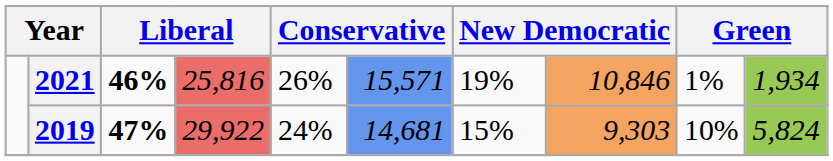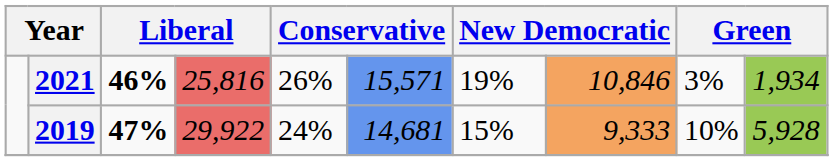 <table class="wikitable" style="float:right; width:400; font-size:90%; margin-left:1em;">
 <tr>
 <th colspan="2" scope="col">Year</th>
 <th colspan="2" scope="col"><a href='#'>Liberal</a></th>
 <th colspan="2" scope="col"><a href='#'>Conservative</a></th>
 <th colspan="2" scope="col"><a href='#'>New Democratic</a></th>
 <th colspan="2" scope="col"><a href='#'>Green</a></th>
 </tr>
 <tr>
 <td rowspan="2" style="width: 0.25em; background-color: "></td>
 <th><a href='#'>2021</a></th>
 <td><strong>46%</strong></td>
 <td style="text-align:right; background:#EA6D6A;"><em>25,816</em></td>
 <td>26%</td>
 <td style="text-align:right; background:#6495ED;"><em>15,571</em></td>
 <td>19%</td>
 <td style="text-align:right; background:#F4A460;"><em>10,846</em></td>
-<td>1%</td>
+<td>3%</td>
 <td style="text-align:right; background:#99C955;"><em>1,934</em></td>
 </tr>
 <tr>
 <th><a href='#'>2019</a></th>
 <td><strong>47%</strong></td>
 <td style="text-align:right; background:#EA6D6A;"><em>29,922</em></td>
 <td>24%</td>
 <td style="text-align:right; background:#6495ED;"><em>14,681</em></td>
 <td>15%</td>
-<td style="text-align:right; background:#F4A460;"><em>9,303</em></td>
+<td style="text-align:right; background:#F4A460;"><em>9,333</em></td>
 <td>10%</td>
-<td style="text-align:right; background:#99C955;"><em>5,824</em></td>
+<td style="text-align:right; background:#99C955;"><em>5,928</em></td>
 </tr>
 <tr>
 </tr>
 </table>
